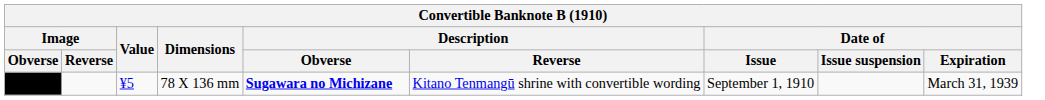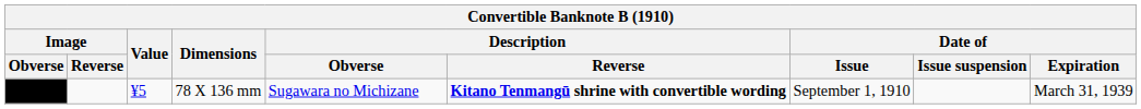 <table class="wikitable">
 <tr>
 <th colspan="9">Convertible Banknote B (1910)</th>
 </tr>
 <tr>
 <th colspan="2">Image</th>
 <th rowspan="2">Value</th>
 <th rowspan="2">Dimensions</th>
 <th colspan="2">Description</th>
 <th colspan="3">Date of</th>
 </tr>
 <tr>
 <th>Obverse</th>
 <th>Reverse</th>
 <th width=180>Obverse</th>
 <th>Reverse</th>
 <th>Issue</th>
 <th>Issue suspension</th>
 <th>Expiration</th>
 </tr>
 <tr>
 <td style="text-align:center; background:#000;"></td>
 <td></td>
 <td><a href='#'>¥5</a></td>
 <td>78 X 136 mm</td>
-<td><strong><a href='#'>Sugawara no Michizane</a></strong></td>
-<td><a href='#'>Kitano Tenmangū</a> shrine with convertible wording</td>
+<td><a href='#'>Sugawara no Michizane</a></td>
+<td><strong><a href='#'>Kitano Tenmangū</a> shrine with convertible wording</strong></td>
 <td>September 1, 1910</td>
 <td></td>
 <td>March 31, 1939</td>
 </tr>
 </table>
